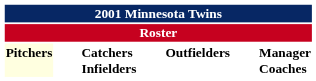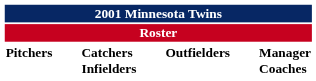 <table class="toccolours" style="font-size: 95%;">
 <tr>
 <th colspan="10" style="background-color: #072764; color: #FFFFFF; text-align: center;">2001 Minnesota Twins</th>
 </tr>
 <tr>
 <td colspan="10" style="background-color: #c6011f; color: white; text-align: center;"><strong>Roster</strong></td>
 </tr>
 <tr>
-<td valign="top" style="background: lightyellow;"><strong>Pitchers</strong><br>                    </td>
+<td valign="top"><strong>Pitchers</strong><br>                    </td>
 <td width="25px"></td>
 <td valign="top"><strong>Catchers</strong><br>   <strong>Infielders</strong>         </td>
 <td width="25px"></td>
 <td valign="top"><strong>Outfielders</strong><br>        </td>
 <td width="25px"></td>
 <td valign="top"><strong>Manager</strong><br> <strong>Coaches</strong>      </td>
 </tr>
 <tr>
 </tr>
 </table>
